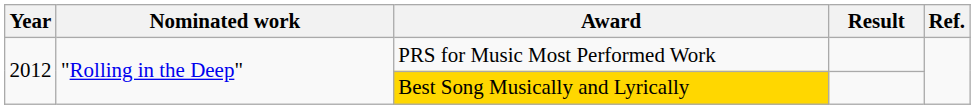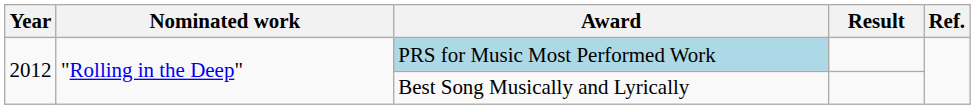 <table class="wikitable">
 <tr>
 <th>Year</th>
 <th width="250">Nominated work</th>
 <th width="325">Award</th>
 <th width="65">Result</th>
 <th>Ref.</th>
 </tr>
 <tr>
 <td rowspan="2">2012</td>
 <td rowspan="2">"<a href='#'>Rolling in the Deep</a>"</td>
-<td>PRS for Music Most Performed Work</td>
+<td style="background: lightblue;">PRS for Music Most Performed Work</td>
 <td></td>
 <td rowspan="2"></td>
 </tr>
 <tr>
-<td style="background: gold;">Best Song Musically and Lyrically</td>
+<td>Best Song Musically and Lyrically</td>
 <td></td>
 </tr>
 </table>
